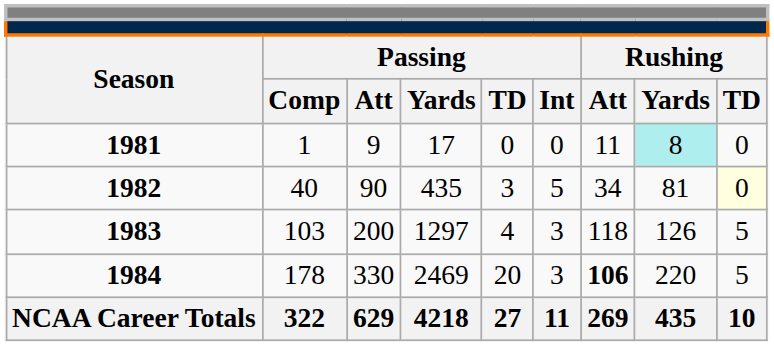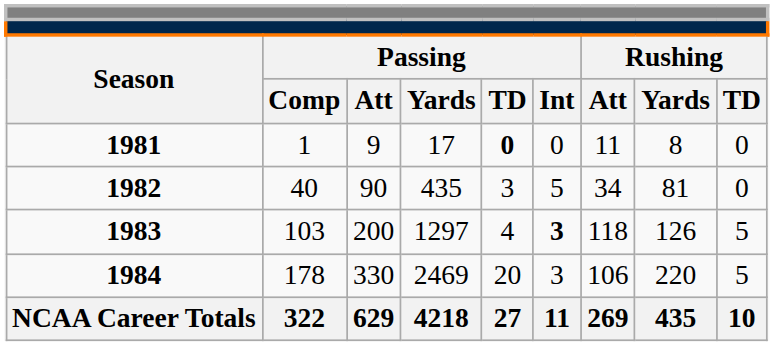 <table class=wikitable style="text-align:center;">
 <tr>
 <td ! colspan="12" style="background:gray; border:2px solid silver; color:white;"></td>
 </tr>
 <tr>
 <td ! colspan="12" style="background: #00274C; border: 2px solid #FF7900; color:white;"></td>
 </tr>
 <tr>
 <th rowspan=2>Season</th>
 <th colspan=5>Passing</th>
 <th colspan=3>Rushing</th>
 </tr>
 <tr>
 <th>Comp</th>
 <th>Att</th>
 <th>Yards</th>
 <th>TD</th>
 <th>Int</th>
 <th>Att</th>
 <th>Yards</th>
 <th>TD</th>
 </tr>
 <tr>
 <td><strong>1981</strong></td>
 <td>1</td>
 <td>9</td>
 <td>17</td>
-<td>0</td>
+<td><strong>0</strong></td>
 <td>0</td>
 <td>11</td>
-<td style="background: paleturquoise;">8</td>
+<td>8</td>
 <td>0</td>
 </tr>
 <tr>
 <td><strong>1982</strong></td>
 <td>40</td>
 <td>90</td>
 <td>435</td>
 <td>3</td>
 <td>5</td>
 <td>34</td>
 <td>81</td>
-<td style="background: lightyellow;">0</td>
+<td>0</td>
 </tr>
 <tr>
 <td><strong>1983</strong></td>
 <td>103</td>
 <td>200</td>
 <td>1297</td>
 <td>4</td>
-<td>3</td>
+<td><strong>3</strong></td>
 <td>118</td>
 <td>126</td>
 <td>5</td>
 </tr>
 <tr>
 <td><strong>1984</strong></td>
 <td>178</td>
 <td>330</td>
 <td>2469</td>
 <td>20</td>
 <td>3</td>
-<td><strong>106</strong></td>
+<td>106</td>
 <td>220</td>
 <td>5</td>
 </tr>
 <tr>
 <th>NCAA Career Totals</th>
 <th>322</th>
 <th>629</th>
 <th>4218</th>
 <th>27</th>
 <th>11</th>
 <th>269</th>
 <th>435</th>
 <th>10</th>
 </tr>
 </table>
